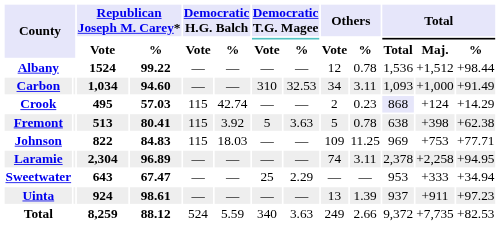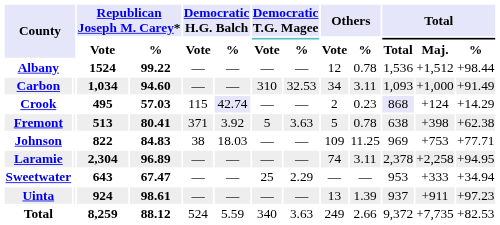 <table class="toccolours sortable" style="text-align:center;">
 <tr style="background:lavender">
 <th rowspan="3" colspan="2">County</th>
 <th colspan=2><a href='#'>Republican</a><br><a href='#'>Joseph M. Carey</a>*</th>
 <th colspan=2><a href='#'>Democratic</a><br>H.G. Balch</th>
 <th colspan=2><a href='#'>Democratic</a><br>T.G. Magee</th>
 <th colspan=2>Others</th>
 <th colspan=3>Total</th>
 </tr>
 <tr>
 <th colspan=2 style="background-color:"></th>
 <th colspan=2 style="background-color:"></th>
 <th colspan=2 style="background-color:#51C2C2"></th>
 <th colspan=2 style="background-color:#ffffff"></th>
 <th colspan=3 style="background-color:#000000"></th>
 </tr>
 <tr>
 <th align="center">Vote</th>
 <th align="center">%</th>
 <th align="center">Vote</th>
 <th align="center">%</th>
 <th align="center">Vote</th>
 <th align="center">%</th>
 <th align="center">Vote</th>
 <th align="center">%</th>
 <th align="center">Total</th>
 <th align="center">Maj.</th>
 <th align="center">%</th>
 </tr>
 <tr>
 <th><a href='#'>Albany</a></th>
 <td style="background-color:"></td>
 <td><strong>1524</strong></td>
 <td><strong>99.22</strong></td>
 <td>—</td>
 <td>—</td>
 <td>—</td>
 <td>—</td>
 <td>12</td>
 <td>0.78</td>
 <td>1,536</td>
 <td>+1,512</td>
 <td>+98.44</td>
 </tr>
 <tr style="background:#EEEEEE;">
 <th><a href='#'>Carbon</a></th>
 <td style="background-color:"></td>
 <td><strong>1,034</strong></td>
 <td><strong>94.60</strong></td>
 <td>—</td>
 <td>—</td>
 <td>310</td>
 <td>32.53</td>
 <td>34</td>
 <td>3.11</td>
 <td>1,093</td>
 <td>+1,000</td>
 <td>+91.49</td>
 </tr>
 <tr>
 <th><a href='#'>Crook</a></th>
 <td style="background-color:"></td>
 <td><strong>495</strong></td>
 <td><strong>57.03</strong></td>
 <td>115</td>
-<td>42.74</td>
+<td style="background: lavender;">42.74</td>
 <td>—</td>
 <td>—</td>
 <td>2</td>
 <td>0.23</td>
 <td style="background: lavender;">868</td>
 <td>+124</td>
 <td>+14.29</td>
 </tr>
 <tr style="background:#EEEEEE;">
 <th><a href='#'>Fremont</a></th>
 <td style="background-color:"></td>
 <td><strong>513</strong></td>
 <td><strong>80.41</strong></td>
-<td>115</td>
+<td>371</td>
 <td>3.92</td>
 <td>5</td>
 <td>3.63</td>
 <td>5</td>
 <td>0.78</td>
 <td>638</td>
 <td>+398</td>
 <td>+62.38</td>
 </tr>
 <tr>
 <th><a href='#'>Johnson</a></th>
 <td style="background-color:"></td>
 <td><strong>822</strong></td>
 <td><strong>84.83</strong></td>
-<td>115</td>
+<td>38</td>
 <td>18.03</td>
 <td>—</td>
 <td>—</td>
 <td>109</td>
 <td>11.25</td>
 <td>969</td>
 <td>+753</td>
 <td>+77.71</td>
 </tr>
 <tr style="background:#EEEEEE;">
 <th><a href='#'>Laramie</a></th>
 <td style="background-color:"></td>
 <td><strong>2,304</strong></td>
 <td><strong>96.89</strong></td>
 <td>—</td>
 <td>—</td>
 <td>—</td>
 <td>—</td>
 <td>74</td>
 <td>3.11</td>
 <td>2,378</td>
 <td>+2,258</td>
 <td>+94.95</td>
 </tr>
 <tr>
 <th><a href='#'>Sweetwater</a></th>
 <td style="background-color:"></td>
 <td><strong>643</strong></td>
 <td><strong>67.47</strong></td>
 <td>—</td>
 <td>—</td>
 <td>25</td>
 <td>2.29</td>
 <td>—</td>
 <td>—</td>
 <td>953</td>
 <td>+333</td>
 <td>+34.94</td>
 </tr>
 <tr style="background:#EEEEEE;">
 <th><a href='#'>Uinta</a></th>
 <td style="background-color:"></td>
 <td><strong>924</strong></td>
 <td><strong>98.61</strong></td>
 <td>—</td>
 <td>—</td>
 <td>—</td>
 <td>—</td>
 <td>13</td>
 <td>1.39</td>
 <td>937</td>
 <td>+911</td>
 <td>+97.23</td>
 </tr>
 <tr>
 <th>Total</th>
 <td style="background-color:"></td>
 <td><strong>8,259</strong></td>
 <td><strong>88.12</strong></td>
 <td>524</td>
 <td>5.59</td>
 <td>340</td>
 <td>3.63</td>
 <td>249</td>
 <td>2.66</td>
 <td>9,372</td>
 <td>+7,735</td>
 <td>+82.53</td>
 </tr>
 </table>
